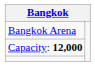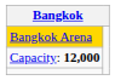 <table class="wikitable" style="margin: 1em auto;">
 <tr>
 <th colspan=2><a href='#'>Bangkok</a></th>
 </tr>
 <tr>
-<td><a href='#'>Bangkok Arena</a></td>
+<td style="background: gold;"><a href='#'>Bangkok Arena</a></td>
 <td rowspan=3></td>
 </tr>
 <tr>
 <td><a href='#'>Capacity</a>: <strong>12,000</strong></td>
 </tr>
 <tr>
 <td></td>
 </tr>
 </table>
